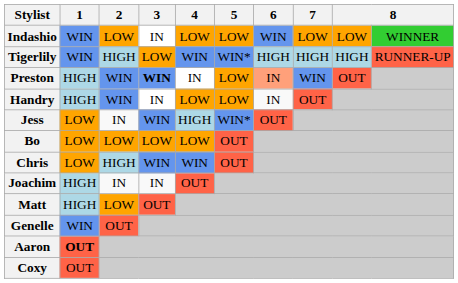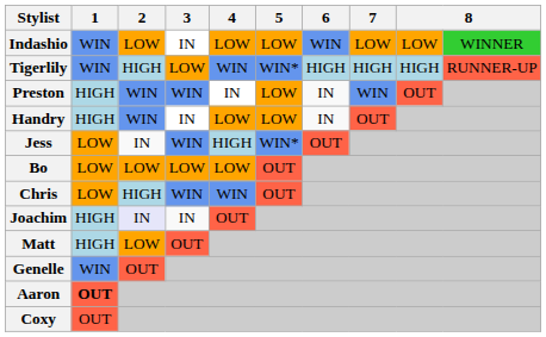 <table class="wikitable" style="text-align:center">
 <tr>
 <th>Stylist</th>
 <th>1</th>
 <th>2</th>
 <th>3</th>
 <th>4</th>
 <th>5</th>
 <th>6</th>
 <th>7</th>
 <th colspan=2>8</th>
 </tr>
 <tr>
 <th>Indashio</th>
 <td bgcolor="cornflowerblue">WIN</td>
 <td bgcolor="orange">LOW</td>
 <td bgcolor="white">IN</td>
 <td bgcolor="orange">LOW</td>
 <td bgcolor="orange">LOW</td>
 <td bgcolor="cornflowerblue">WIN</td>
 <td bgcolor="orange">LOW</td>
 <td bgcolor="orange">LOW</td>
 <td bgcolor="limegreen">WINNER</td>
 </tr>
 <tr>
 <th>Tigerlily</th>
 <td bgcolor="cornflowerblue">WIN</td>
 <td bgcolor="lightblue">HIGH</td>
 <td bgcolor="orange">LOW</td>
 <td bgcolor="cornflowerblue">WIN</td>
 <td bgcolor="cornflowerblue">WIN*</td>
 <td bgcolor="lightblue">HIGH</td>
 <td bgcolor="lightblue">HIGH</td>
 <td bgcolor="lightblue">HIGH</td>
 <td bgcolor="tomato">RUNNER-UP</td>
 </tr>
 <tr>
 <th>Preston</th>
 <td bgcolor="lightblue">HIGH</td>
 <td bgcolor="cornflowerblue">WIN</td>
-<td bgcolor="cornflowerblue"><strong>WIN</strong></td>
+<td bgcolor="cornflowerblue">WIN</td>
 <td bgcolor="white">IN</td>
 <td bgcolor="orange">LOW</td>
-<td style="background: lightsalmon;">IN</td>
+<td>IN</td>
 <td bgcolor="cornflowerblue">WIN</td>
 <td bgcolor="tomato">OUT</td>
 <td bgcolor="#CCCCCC" colspan=5></td>
 </tr>
 <tr>
 <th>Handry</th>
 <td bgcolor="lightblue">HIGH</td>
 <td bgcolor="cornflowerblue">WIN</td>
 <td bgcolor="white">IN</td>
 <td bgcolor="orange">LOW</td>
 <td bgcolor="orange">LOW</td>
 <td>IN</td>
 <td bgcolor="tomato">OUT</td>
 <td bgcolor="#CCCCCC" colspan=7></td>
 </tr>
 <tr>
 <th>Jess</th>
 <td bgcolor="orange">LOW</td>
 <td>IN</td>
 <td bgcolor="cornflowerblue">WIN</td>
 <td bgcolor="lightblue">HIGH</td>
 <td bgcolor="cornflowerblue">WIN*</td>
 <td bgcolor="tomato">OUT</td>
 <td bgcolor="#CCCCCC" colspan=6></td>
 </tr>
 <tr>
 <th>Bo</th>
 <td bgcolor="orange">LOW</td>
 <td bgcolor="orange">LOW</td>
 <td bgcolor="orange">LOW</td>
 <td bgcolor="orange">LOW</td>
 <td bgcolor="tomato">OUT</td>
 <td bgcolor="#CCCCCC" colspan=7></td>
 </tr>
 <tr>
 <th>Chris</th>
 <td bgcolor="orange">LOW</td>
 <td bgcolor="lightblue">HIGH</td>
 <td bgcolor="cornflowerblue">WIN</td>
 <td bgcolor="cornflowerblue">WIN</td>
 <td bgcolor="tomato">OUT</td>
 <td bgcolor="#CCCCCC" colspan=7></td>
 </tr>
 <tr>
 <th>Joachim</th>
 <td bgcolor="lightblue">HIGH</td>
-<td>IN</td>
+<td style="background: lavender;">IN</td>
 <td>IN</td>
 <td bgcolor="tomato">OUT</td>
 <td bgcolor="#CCCCCC" colspan=8></td>
 </tr>
 <tr>
 <th>Matt</th>
 <td bgcolor="lightblue">HIGH</td>
 <td bgcolor="orange">LOW</td>
 <td bgcolor="tomato">OUT</td>
 <td bgcolor="#CCCCCC" colspan=9></td>
 </tr>
 <tr>
 <th>Genelle</th>
 <td bgcolor="cornflowerblue">WIN</td>
 <td bgcolor="tomato">OUT</td>
 <td bgcolor="#CCCCCC" colspan=10></td>
 </tr>
 <tr>
 <th>Aaron</th>
 <td bgcolor="tomato"><strong>OUT</strong></td>
 <td bgcolor="#CCCCCC" colspan=11></td>
 </tr>
 <tr>
 <th>Coxy</th>
 <td bgcolor="tomato">OUT</td>
 <td bgcolor="#CCCCCC" colspan=12></td>
 </tr>
 </table>
